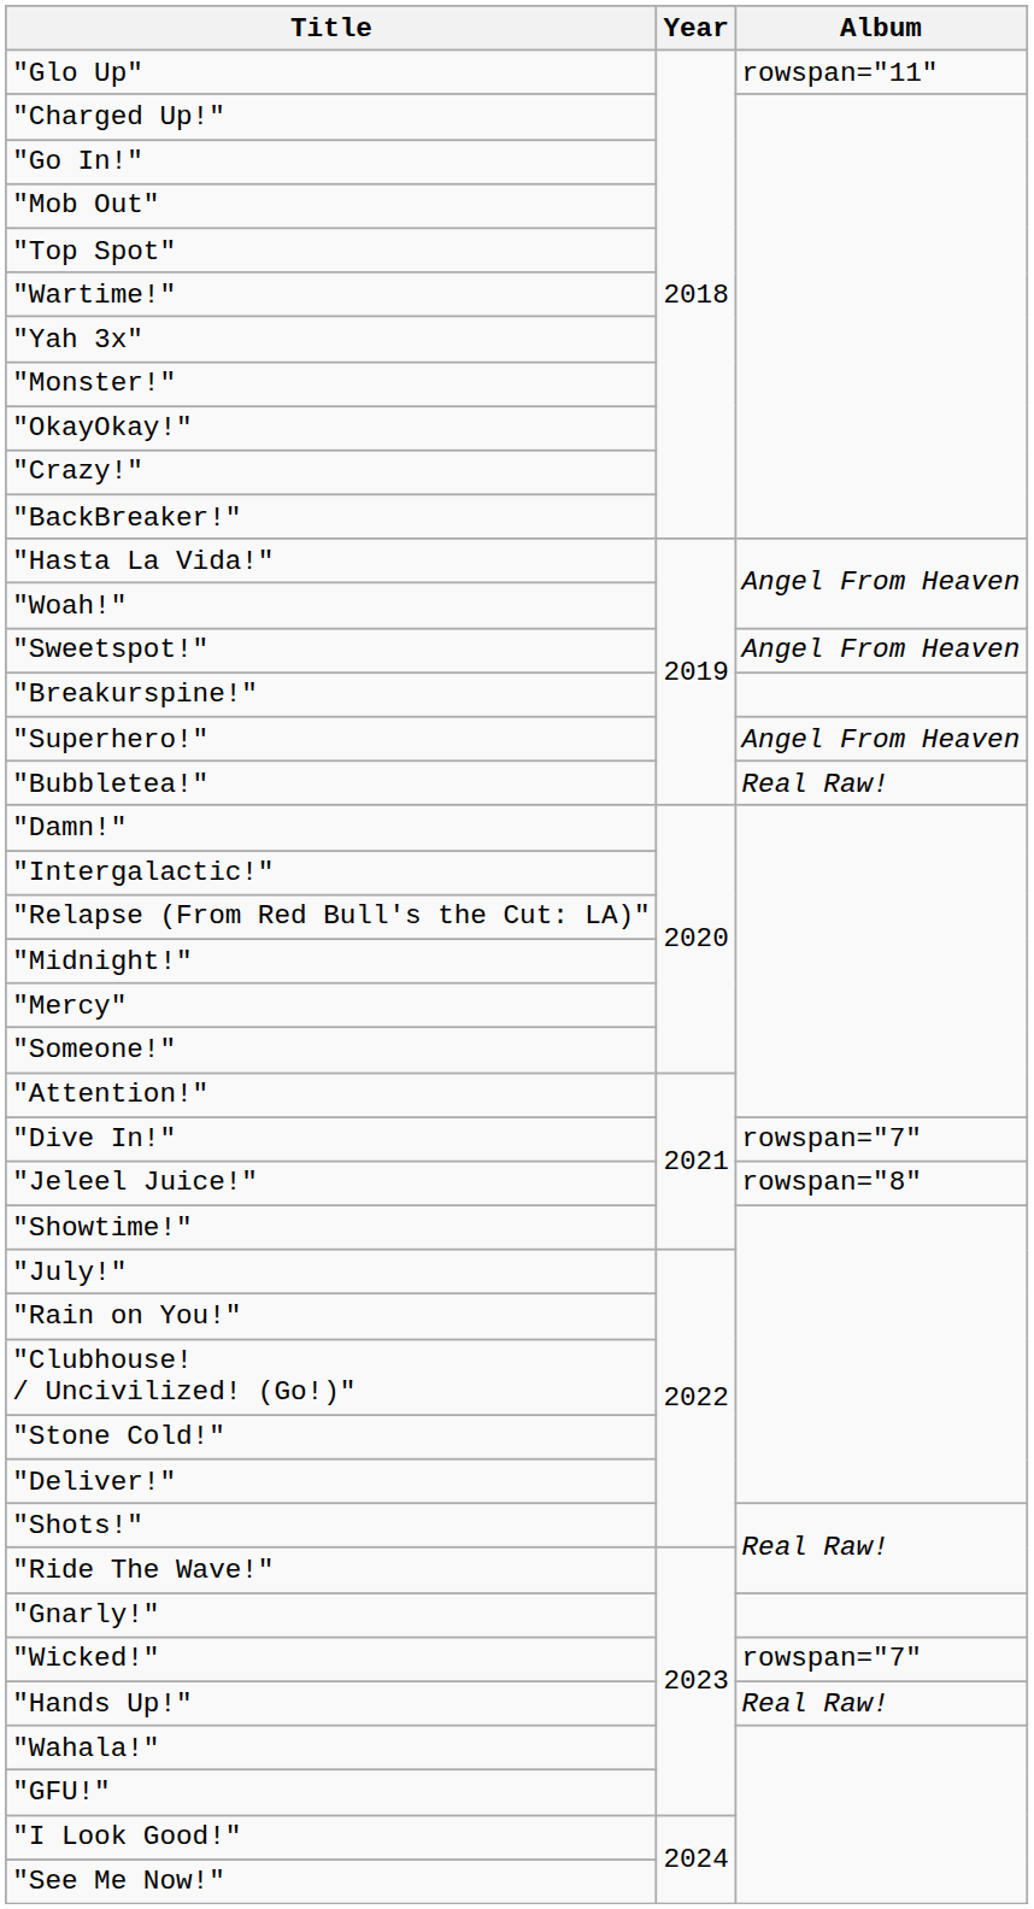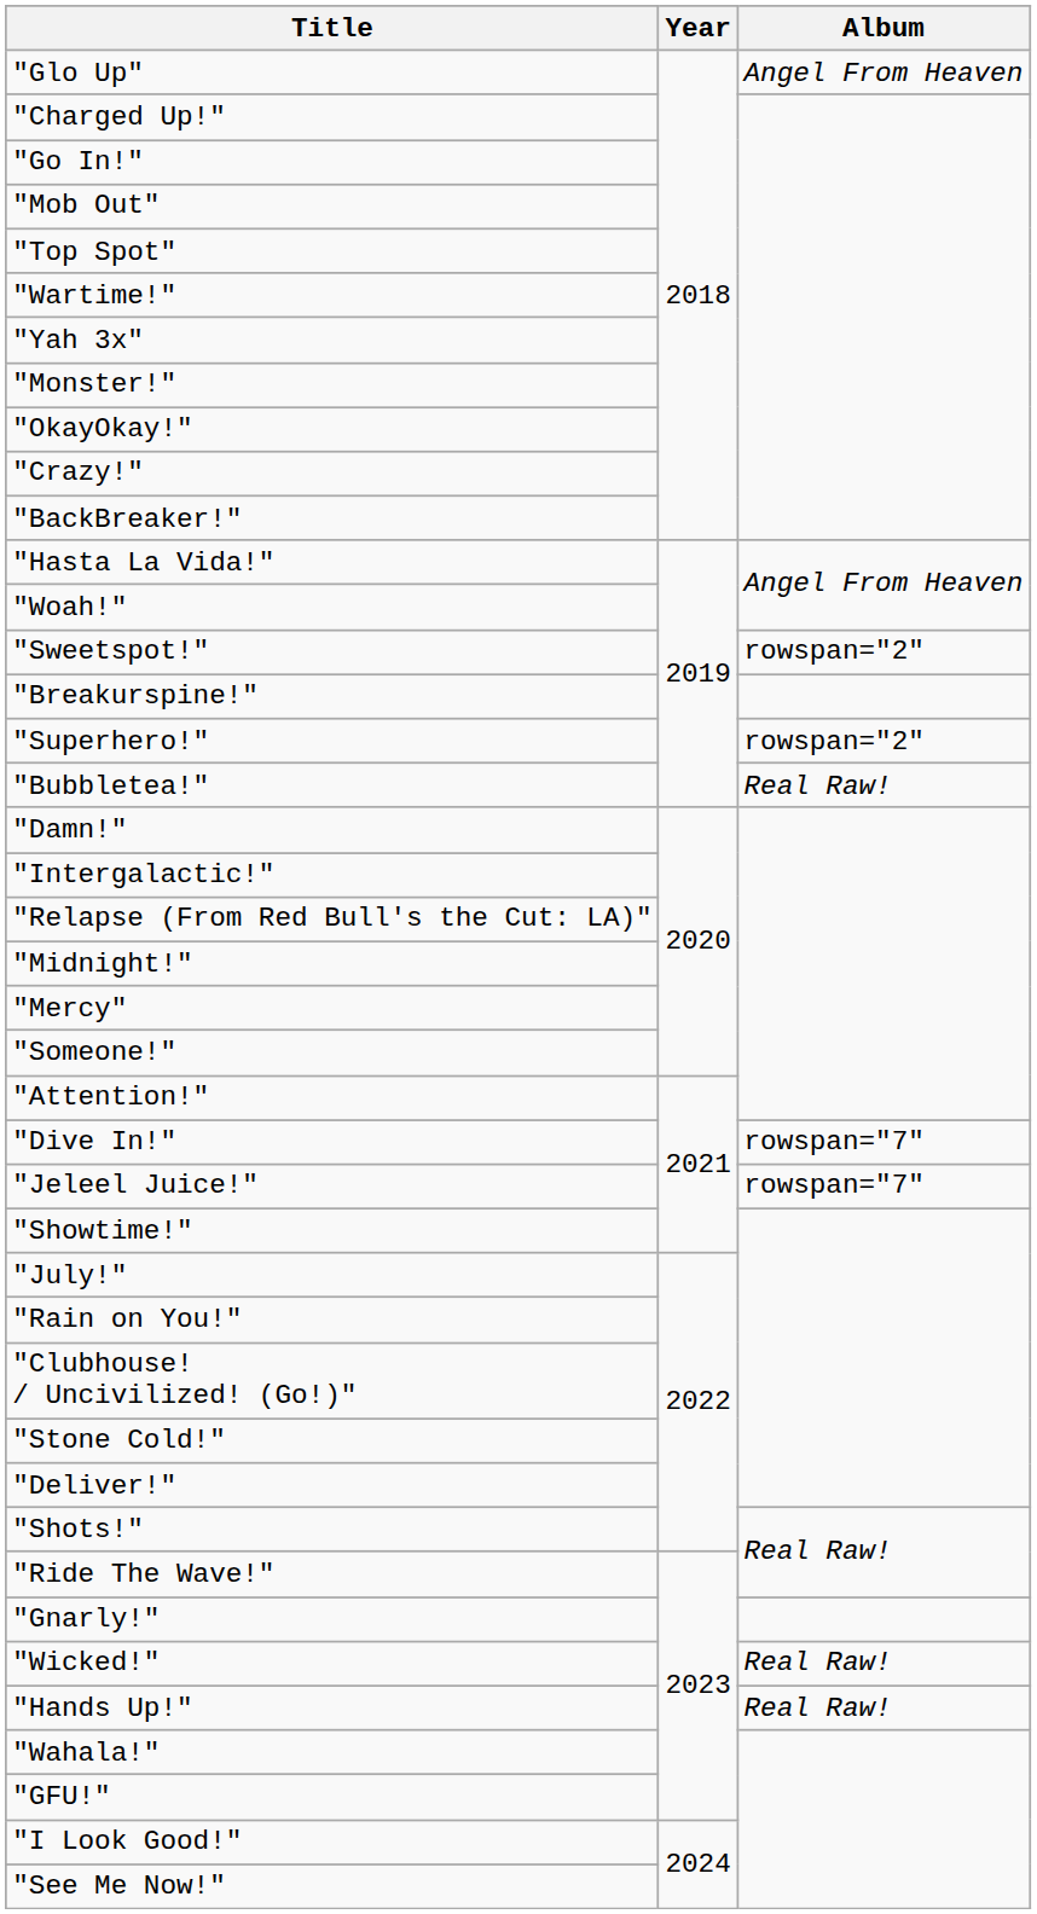 <table class="wikitable">
 <tr>
 <th>Title</th>
 <th>Year</th>
 <th>Album</th>
 </tr>
 <tr>
 <td>"Glo Up"</td>
 <td rowspan="11">2018</td>
-<td>rowspan="11" </td>
+<td><em>Angel From Heaven</em></td>
 </tr>
 <tr>
 <td>"Charged Up!"</td>
 </tr>
 <tr>
 <td>"Go In!"</td>
 </tr>
 <tr>
 <td>"Mob Out"</td>
 </tr>
 <tr>
 <td>"Top Spot"</td>
 </tr>
 <tr>
 <td>"Wartime!"</td>
 </tr>
 <tr>
 <td>"Yah 3x"</td>
 </tr>
 <tr>
 <td>"Monster!"</td>
 </tr>
 <tr>
 <td>"OkayOkay!"</td>
 </tr>
 <tr>
 <td>"Crazy!"</td>
 </tr>
 <tr>
 <td>"BackBreaker!"</td>
 </tr>
 <tr>
 <td>"Hasta La Vida!"</td>
 <td rowspan="6">2019</td>
 <td rowspan="2"><em>Angel From Heaven</em></td>
 </tr>
 <tr>
 <td>"Woah!"</td>
 </tr>
 <tr>
 <td>"Sweetspot!"</td>
-<td><em>Angel From Heaven</em></td>
+<td>rowspan="2" </td>
 </tr>
 <tr>
 <td>"Breakurspine!"</td>
 </tr>
 <tr>
 <td>"Superhero!"</td>
-<td><em>Angel From Heaven</em></td>
+<td>rowspan="2" </td>
 </tr>
 <tr>
 <td>"Bubbletea!"</td>
 <td><em>Real Raw!</em></td>
 </tr>
 <tr>
 <td>"Damn!"</td>
 <td rowspan="6">2020</td>
 </tr>
 <tr>
 <td>"Intergalactic!"</td>
 </tr>
 <tr>
 <td>"Relapse (From Red Bull's the Cut: LA)"<br></td>
 </tr>
 <tr>
 <td>"Midnight!"</td>
 </tr>
 <tr>
 <td>"Mercy"</td>
 </tr>
 <tr>
 <td>"Someone!"</td>
 </tr>
 <tr>
 <td>"Attention!"</td>
 <td rowspan="4">2021</td>
 </tr>
 <tr>
 <td>"Dive In!"</td>
 <td>rowspan="7" </td>
 </tr>
 <tr>
 <td>"Jeleel Juice!"</td>
-<td>rowspan="8" </td>
+<td>rowspan="7" </td>
 </tr>
 <tr>
 <td>"Showtime!"</td>
 </tr>
 <tr>
 <td>"July!"</td>
 <td rowspan="6">2022</td>
 </tr>
 <tr>
 <td>"Rain on You!"</td>
 </tr>
 <tr>
 <td>"Clubhouse!<br> / Uncivilized! (Go!)"</td>
 </tr>
 <tr>
 <td>"Stone Cold!"</td>
 </tr>
 <tr>
 <td>"Deliver!"</td>
 </tr>
 <tr>
 <td>"Shots!"<br></td>
 <td rowspan="2"><em>Real Raw!</em></td>
 </tr>
 <tr>
 <td>"Ride The Wave!"</td>
 <td rowspan="6">2023</td>
 </tr>
 <tr>
 <td>"Gnarly!"<br></td>
 <td></td>
 </tr>
 <tr>
 <td>"Wicked!"</td>
-<td>rowspan="7" </td>
+<td><em>Real Raw!</em></td>
 </tr>
 <tr>
 <td>"Hands Up!"</td>
 <td><em>Real Raw!</em></td>
 </tr>
 <tr>
 <td>"Wahala!"</td>
 </tr>
 <tr>
 <td>"GFU!"</td>
 </tr>
 <tr>
 <td>"I Look Good!"</td>
 <td rowspan="2">2024</td>
 </tr>
 <tr>
 <td>"See Me Now!"</td>
 </tr>
 </table>
